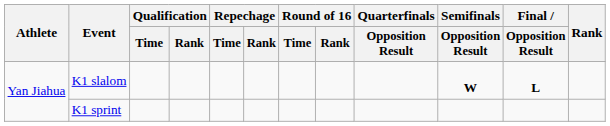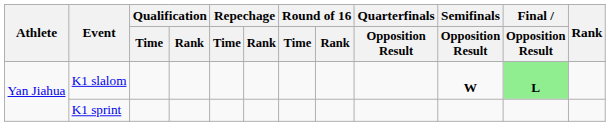 <table class="wikitable" style="font-size:90%;">
 <tr>
 <th rowspan=2>Athlete</th>
 <th rowspan=2>Event</th>
 <th colspan=2>Qualification</th>
 <th colspan=2>Repechage</th>
 <th colspan=2>Round of 16</th>
 <th>Quarterfinals</th>
 <th>Semifinals</th>
 <th>Final / </th>
 <th rowspan=2>Rank</th>
 </tr>
 <tr style="font-size:95%">
 <th>Time</th>
 <th>Rank</th>
 <th>Time</th>
 <th>Rank</th>
 <th>Time</th>
 <th>Rank</th>
 <th>Opposition <br>Result</th>
 <th>Opposition <br>Result</th>
 <th>Opposition <br>Result</th>
 </tr>
 <tr align=center>
 <td rowspan=2 align=left><a href='#'>Yan Jiahua</a></td>
 <td align=left><a href='#'>K1 slalom</a></td>
 <td></td>
 <td></td>
 <td></td>
 <td></td>
 <td></td>
 <td></td>
 <td></td>
 <td><br><strong>W</strong></td>
-<td><br><strong>L</strong></td>
+<td style="background: lightgreen;"><br><strong>L</strong></td>
 <td></td>
 </tr>
 <tr>
 <td align=left><a href='#'>K1 sprint</a></td>
 <td></td>
 <td></td>
 <td></td>
 <td></td>
 <td></td>
 <td></td>
 <td></td>
 <td></td>
 <td></td>
 <td></td>
 </tr>
 </table>
